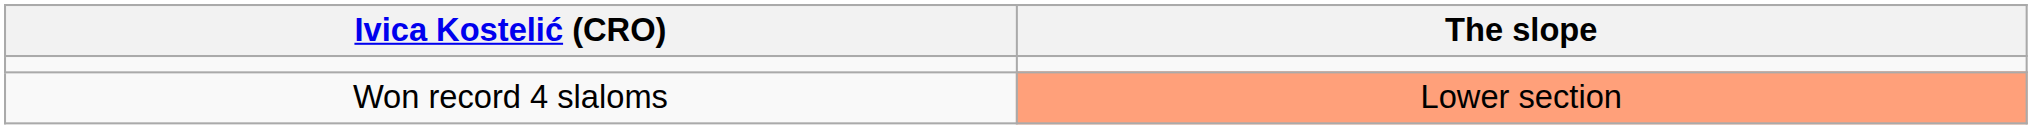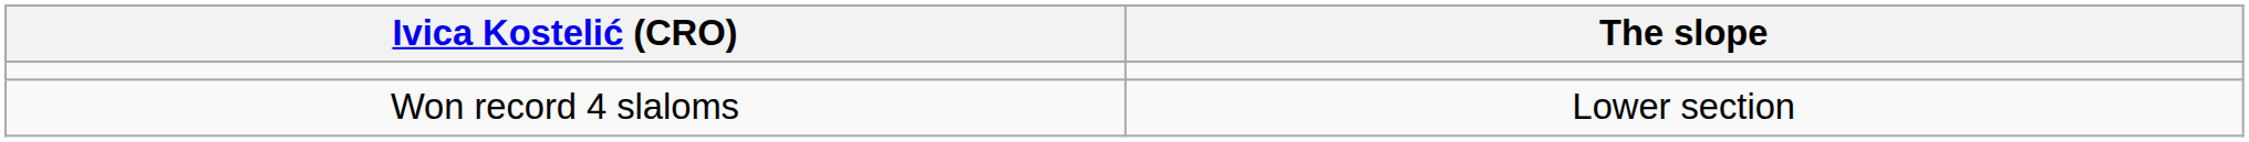 <table class="wikitable" style="text-align:center; width:50%; border:1px #AAAAFF solid">
 <tr>
 <th><a href='#'>Ivica Kostelić</a> (CRO)</th>
 <th>The slope</th>
 </tr>
 <tr>
 <td width=189></td>
 <td width=189></td>
 </tr>
 <tr>
 <td>Won record 4 slaloms</td>
-<td style="background: lightsalmon;">Lower section</td>
+<td>Lower section</td>
 </tr>
 </table>
